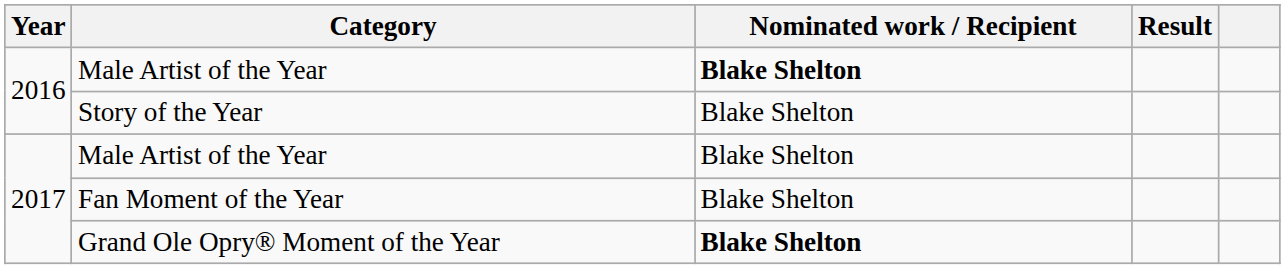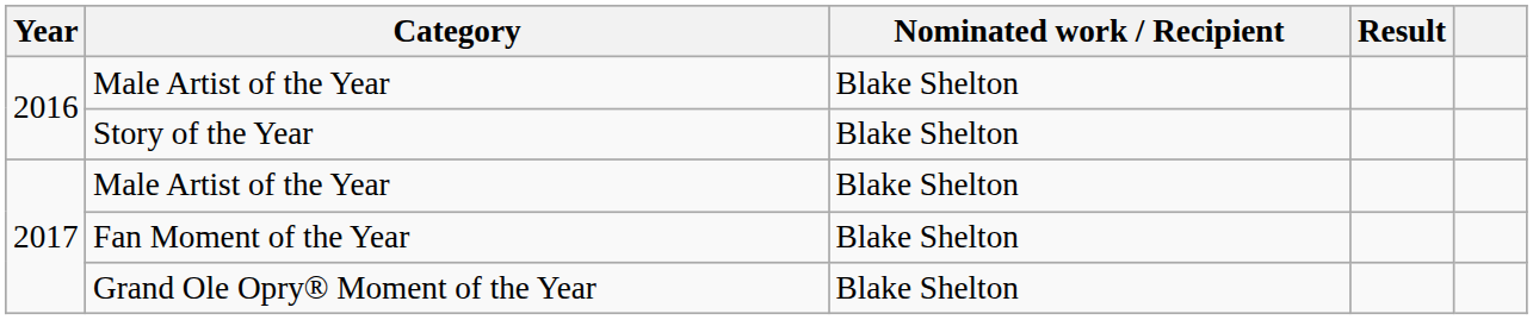 <table class="wikitable plainrowheaders" style="width:85%;">
 <tr>
 <th scope="col" style="width:4%;">Year</th>
 <th scope="col" style="width:50%;">Category</th>
 <th scope="col" style="width:35%;">Nominated work / Recipient</th>
 <th scope="col" style="width:6%;">Result</th>
 <th scope="col" style="width:6%;"></th>
 </tr>
 <tr>
 <td rowspan="2">2016</td>
 <td>Male Artist of the Year</td>
-<td><strong>Blake Shelton</strong></td>
+<td>Blake Shelton</td>
 <td></td>
 <td></td>
 </tr>
 <tr>
 <td>Story of the Year</td>
 <td>Blake Shelton</td>
 <td></td>
 <td></td>
 </tr>
 <tr>
 <td rowspan="3">2017</td>
 <td>Male Artist of the Year</td>
 <td>Blake Shelton</td>
 <td></td>
 <td></td>
 </tr>
 <tr>
 <td>Fan Moment of the Year</td>
 <td>Blake Shelton</td>
 <td></td>
 <td></td>
 </tr>
 <tr>
 <td>Grand Ole Opry® Moment of the Year</td>
-<td><strong>Blake Shelton</strong></td>
+<td>Blake Shelton</td>
 <td></td>
 <td></td>
 </tr>
 </table>
